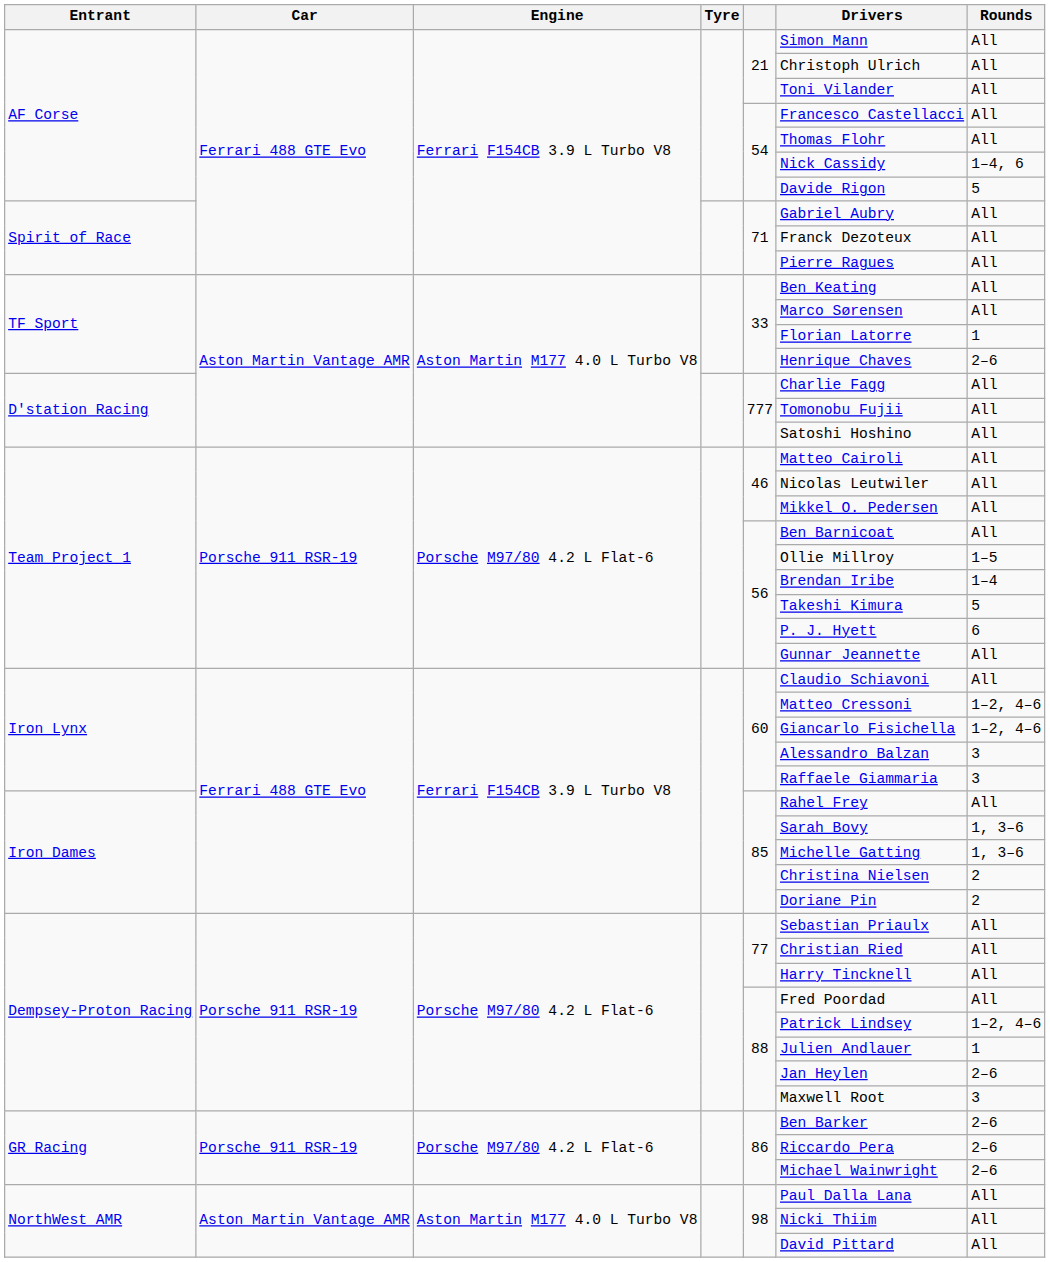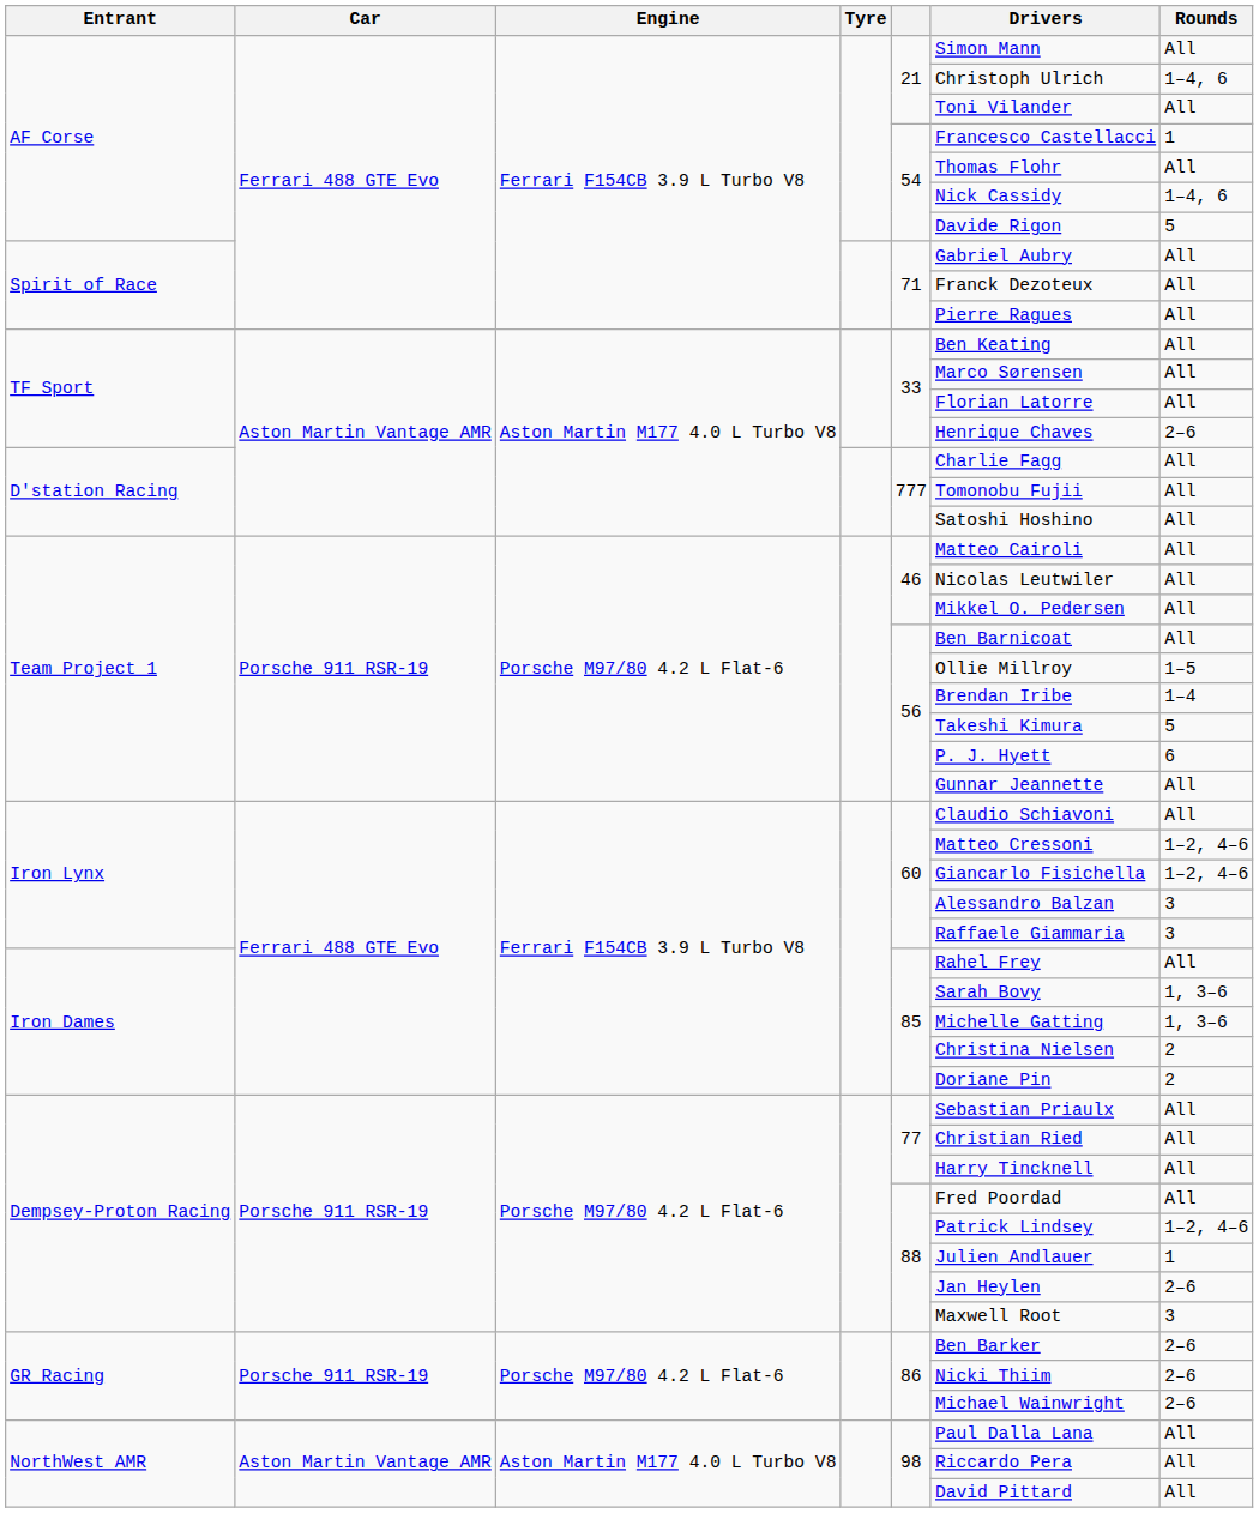 <table class="wikitable" style="font-size: 90%">
 <tr>
 <th>Entrant</th>
 <th>Car</th>
 <th>Engine</th>
 <th>Tyre</th>
 <th></th>
 <th>Drivers</th>
 <th>Rounds</th>
 </tr>
 <tr>
 <td rowspan="7"> <a href='#'>AF Corse</a></td>
 <td rowspan="10"><a href='#'>Ferrari 488 GTE Evo</a></td>
 <td rowspan="10"><a href='#'>Ferrari</a> <a href='#'>F154CB</a> 3.9 L Turbo V8</td>
 <td rowspan="7"></td>
 <td rowspan="3" align="center">21</td>
 <td> <a href='#'>Simon Mann</a></td>
 <td>All</td>
 </tr>
 <tr>
 <td> Christoph Ulrich</td>
-<td>All</td>
+<td>1–4, 6</td>
 </tr>
 <tr>
 <td> <a href='#'>Toni Vilander</a></td>
 <td>All</td>
 </tr>
 <tr>
 <td rowspan="4" align="center">54</td>
 <td> <a href='#'>Francesco Castellacci</a></td>
-<td>All</td>
+<td>1</td>
 </tr>
 <tr>
 <td> <a href='#'>Thomas Flohr</a></td>
 <td>All</td>
 </tr>
 <tr>
 <td> <a href='#'>Nick Cassidy</a></td>
 <td>1–4, 6</td>
 </tr>
 <tr>
 <td> <a href='#'>Davide Rigon</a></td>
 <td>5</td>
 </tr>
 <tr>
 <td rowspan="3"> <a href='#'>Spirit of Race</a></td>
 <td rowspan="3"></td>
 <td rowspan="3" align="center">71</td>
 <td> <a href='#'>Gabriel Aubry</a></td>
 <td>All</td>
 </tr>
 <tr>
 <td> Franck Dezoteux</td>
 <td>All</td>
 </tr>
 <tr>
 <td> <a href='#'>Pierre Ragues</a></td>
 <td>All</td>
 </tr>
 <tr>
 <td rowspan="4"> <a href='#'>TF Sport</a></td>
 <td rowspan="7"><a href='#'>Aston Martin Vantage AMR</a></td>
 <td rowspan="7"><a href='#'>Aston Martin</a> <a href='#'>M177</a> 4.0 L Turbo V8</td>
 <td rowspan="4"></td>
 <td rowspan="4" align="center">33</td>
 <td> <a href='#'>Ben Keating</a></td>
 <td>All</td>
 </tr>
 <tr>
 <td> <a href='#'>Marco Sørensen</a></td>
 <td>All</td>
 </tr>
 <tr>
 <td> <a href='#'>Florian Latorre</a></td>
-<td>1</td>
+<td>All</td>
 </tr>
 <tr>
 <td> <a href='#'>Henrique Chaves</a></td>
 <td>2–6</td>
 </tr>
 <tr>
 <td rowspan="3"> <a href='#'>D'station Racing</a></td>
 <td rowspan="3"></td>
 <td rowspan="3" align="center">777</td>
 <td> <a href='#'>Charlie Fagg</a></td>
 <td>All</td>
 </tr>
 <tr>
 <td> <a href='#'>Tomonobu Fujii</a></td>
 <td>All</td>
 </tr>
 <tr>
 <td> Satoshi Hoshino</td>
 <td>All</td>
 </tr>
 <tr>
 <td rowspan="9"> <a href='#'>Team Project 1</a></td>
 <td rowspan="9"><a href='#'>Porsche 911 RSR-19</a></td>
 <td rowspan="9"><a href='#'>Porsche</a> <a href='#'>M97/80</a> 4.2 L Flat-6</td>
 <td rowspan="9"></td>
 <td rowspan="3" align="center">46</td>
 <td> <a href='#'>Matteo Cairoli</a></td>
 <td>All</td>
 </tr>
 <tr>
 <td> Nicolas Leutwiler</td>
 <td>All</td>
 </tr>
 <tr>
 <td> <a href='#'>Mikkel O. Pedersen</a></td>
 <td>All</td>
 </tr>
 <tr>
 <td rowspan="6" align="center">56</td>
 <td> <a href='#'>Ben Barnicoat</a></td>
 <td>All</td>
 </tr>
 <tr>
 <td> Ollie Millroy</td>
 <td>1–5</td>
 </tr>
 <tr>
 <td> <a href='#'>Brendan Iribe</a></td>
 <td>1–4</td>
 </tr>
 <tr>
 <td> <a href='#'>Takeshi Kimura</a></td>
 <td>5</td>
 </tr>
 <tr>
 <td> <a href='#'>P. J. Hyett</a></td>
 <td>6</td>
 </tr>
 <tr>
 <td> <a href='#'>Gunnar Jeannette</a></td>
 <td>All</td>
 </tr>
 <tr>
 <td rowspan="5"> <a href='#'>Iron Lynx</a></td>
 <td rowspan="10"><a href='#'>Ferrari 488 GTE Evo</a></td>
 <td rowspan="10"><a href='#'>Ferrari</a> <a href='#'>F154CB</a> 3.9 L Turbo V8</td>
 <td rowspan="10"></td>
 <td rowspan="5" align="center">60</td>
 <td> <a href='#'>Claudio Schiavoni</a></td>
 <td>All</td>
 </tr>
 <tr>
 <td> <a href='#'>Matteo Cressoni</a></td>
 <td>1–2, 4–6</td>
 </tr>
 <tr>
 <td> <a href='#'>Giancarlo Fisichella</a></td>
 <td>1–2, 4–6</td>
 </tr>
 <tr>
 <td> <a href='#'>Alessandro Balzan</a></td>
 <td>3</td>
 </tr>
 <tr>
 <td> <a href='#'>Raffaele Giammaria</a></td>
 <td>3</td>
 </tr>
 <tr>
 <td rowspan="5"> <a href='#'>Iron Dames</a></td>
 <td rowspan="5" align="center">85</td>
 <td> <a href='#'>Rahel Frey</a></td>
 <td>All</td>
 </tr>
 <tr>
 <td> <a href='#'>Sarah Bovy</a></td>
 <td>1, 3–6</td>
 </tr>
 <tr>
 <td> <a href='#'>Michelle Gatting</a></td>
 <td>1, 3–6</td>
 </tr>
 <tr>
 <td> <a href='#'>Christina Nielsen</a></td>
 <td>2</td>
 </tr>
 <tr>
 <td> <a href='#'>Doriane Pin</a></td>
 <td>2</td>
 </tr>
 <tr>
 <td rowspan="8"> <a href='#'>Dempsey-Proton Racing</a></td>
 <td rowspan="8"><a href='#'>Porsche 911 RSR-19</a></td>
 <td rowspan="8"><a href='#'>Porsche</a> <a href='#'>M97/80</a> 4.2 L Flat-6</td>
 <td rowspan="8"></td>
 <td rowspan="3" align="center">77</td>
 <td> <a href='#'>Sebastian Priaulx</a></td>
 <td>All</td>
 </tr>
 <tr>
 <td> <a href='#'>Christian Ried</a></td>
 <td>All</td>
 </tr>
 <tr>
 <td> <a href='#'>Harry Tincknell</a></td>
 <td>All</td>
 </tr>
 <tr>
 <td rowspan="5" align="center">88</td>
 <td> Fred Poordad</td>
 <td>All</td>
 </tr>
 <tr>
 <td> <a href='#'>Patrick Lindsey</a></td>
 <td>1–2, 4–6</td>
 </tr>
 <tr>
 <td> <a href='#'>Julien Andlauer</a></td>
 <td>1</td>
 </tr>
 <tr>
 <td> <a href='#'>Jan Heylen</a></td>
 <td>2–6</td>
 </tr>
 <tr>
 <td> Maxwell Root</td>
 <td>3</td>
 </tr>
 <tr>
 <td rowspan="3"> <a href='#'>GR Racing</a></td>
 <td rowspan="3"><a href='#'>Porsche 911 RSR-19</a></td>
 <td rowspan="3"><a href='#'>Porsche</a> <a href='#'>M97/80</a> 4.2 L Flat-6</td>
 <td rowspan="3"></td>
 <td rowspan="3" align="center">86</td>
 <td> <a href='#'>Ben Barker</a></td>
 <td>2–6</td>
 </tr>
 <tr>
-<td> <a href='#'>Riccardo Pera</a></td>
+<td> <a href='#'>Nicki Thiim</a></td>
 <td>2–6</td>
 </tr>
 <tr>
 <td> <a href='#'>Michael Wainwright</a></td>
 <td>2–6</td>
 </tr>
 <tr>
 <td rowspan="3"> <a href='#'>NorthWest AMR</a></td>
 <td rowspan="3"><a href='#'>Aston Martin Vantage AMR</a></td>
 <td rowspan="3"><a href='#'>Aston Martin</a> <a href='#'>M177</a> 4.0 L Turbo V8</td>
 <td rowspan="3"></td>
 <td rowspan="3" align="center">98</td>
 <td> <a href='#'>Paul Dalla Lana</a></td>
 <td>All</td>
 </tr>
 <tr>
-<td> <a href='#'>Nicki Thiim</a></td>
+<td> <a href='#'>Riccardo Pera</a></td>
 <td>All</td>
 </tr>
 <tr>
 <td> <a href='#'>David Pittard</a></td>
 <td>All</td>
 </tr>
 </table>
